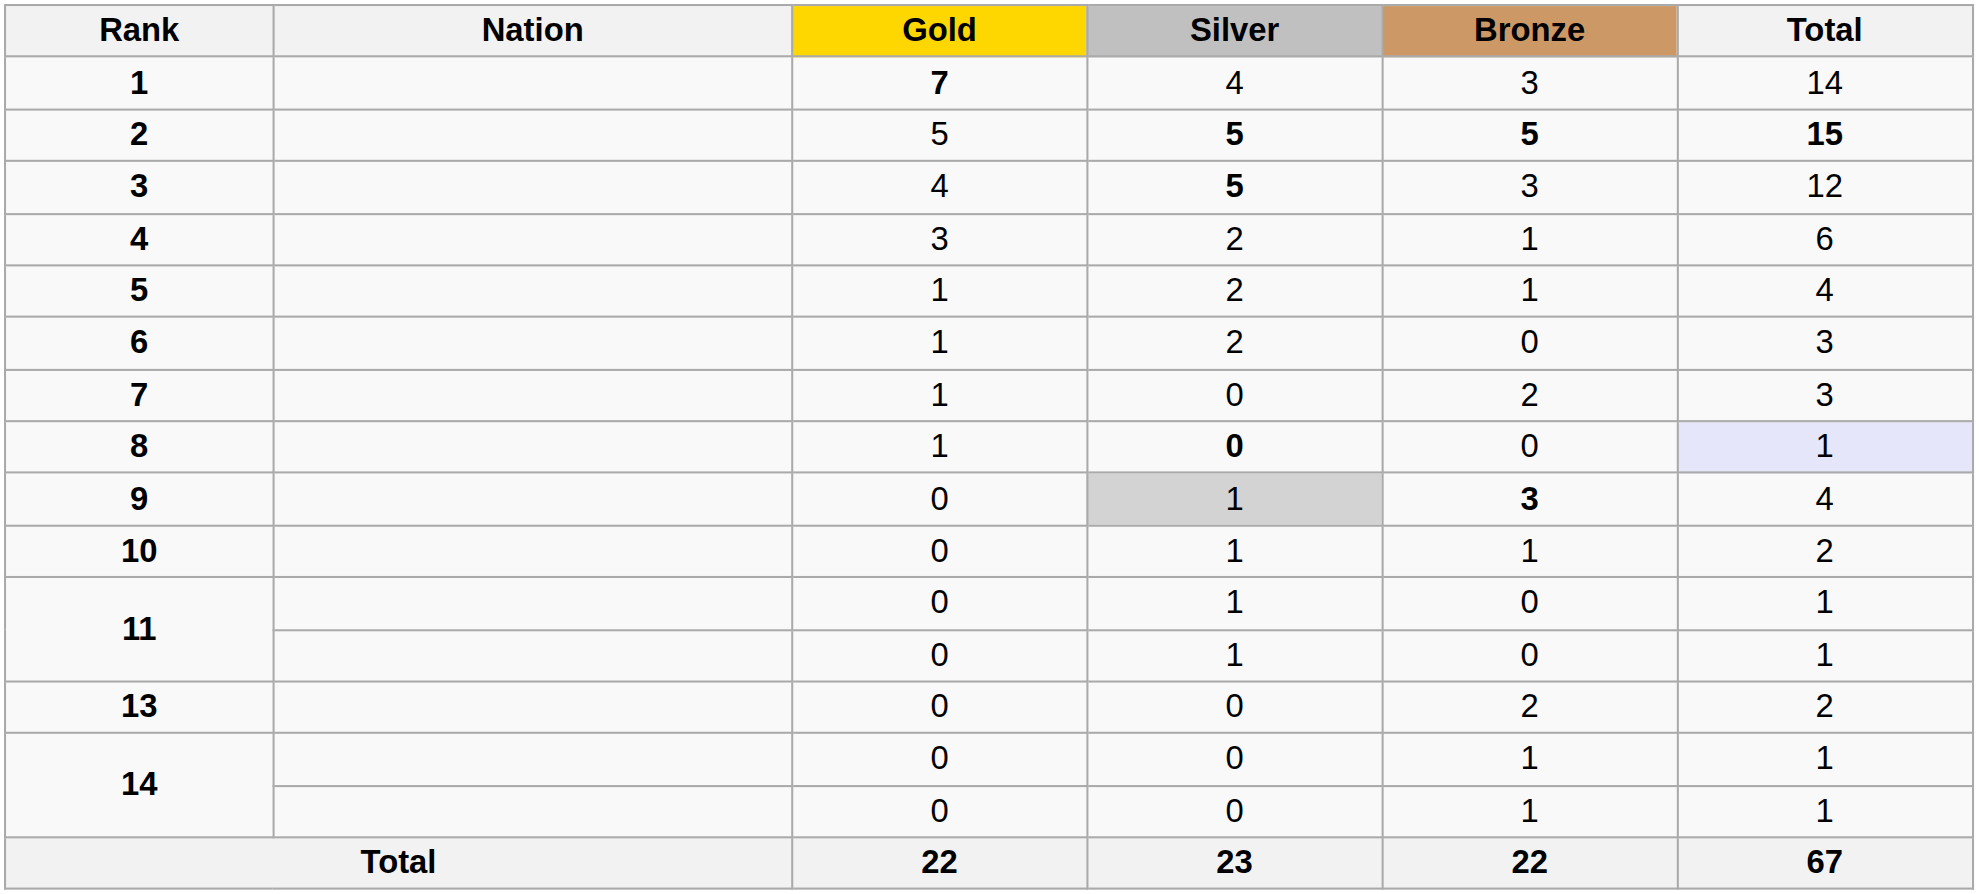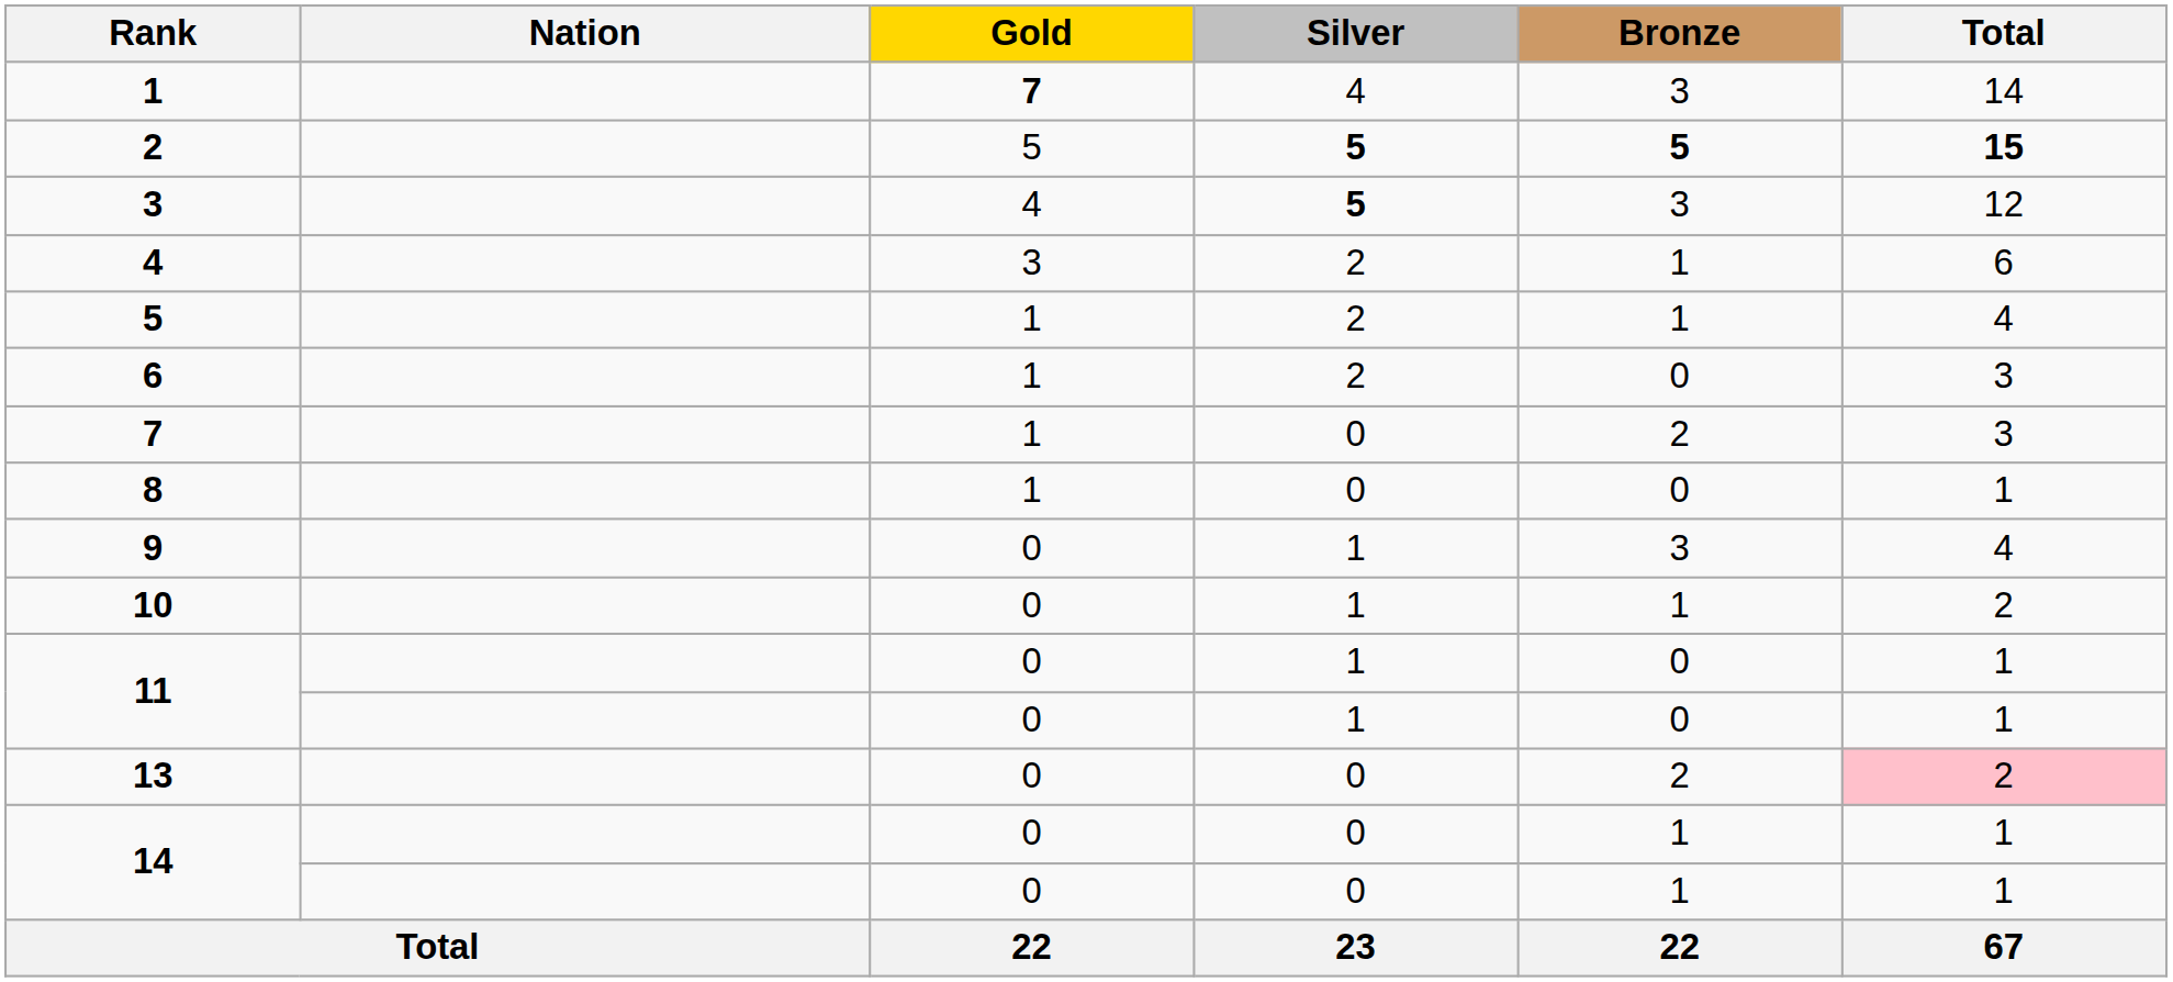 <table class="wikitable collapsible autocollapse plainrowheaders" width=76% style="text-align:center;">
 <tr style="background-color:#EDEDED;">
 <th width=100px class="hintergrundfarbe5">Rank</th>
 <th width=200px class="hintergrundfarbe6">Nation</th>
 <th style="background:    gold; width:15%">Gold</th>
 <th style="background:  silver; width:15%">Silver</th>
 <th style="background: #CC9966; width:15%">Bronze</th>
 <th class="hintergrundfarbe6" style="width:15%">Total</th>
 </tr>
 <tr>
 <td><strong>1</strong></td>
 <td align=left></td>
 <td><strong>7</strong></td>
 <td>4</td>
 <td>3</td>
 <td>14</td>
 </tr>
 <tr>
 <td><strong>2</strong></td>
 <td align=left></td>
 <td>5</td>
 <td><strong>5</strong></td>
 <td><strong>5</strong></td>
 <td><strong>15</strong></td>
 </tr>
 <tr>
 <td><strong>3</strong></td>
 <td align=left></td>
 <td>4</td>
 <td><strong>5</strong></td>
 <td>3</td>
 <td>12</td>
 </tr>
 <tr>
 <td><strong>4</strong></td>
 <td align=left><em></em></td>
 <td>3</td>
 <td>2</td>
 <td>1</td>
 <td>6</td>
 </tr>
 <tr>
 <td><strong>5</strong></td>
 <td align=left></td>
 <td>1</td>
 <td>2</td>
 <td>1</td>
 <td>4</td>
 </tr>
 <tr>
 <td><strong>6</strong></td>
 <td align=left></td>
 <td>1</td>
 <td>2</td>
 <td>0</td>
 <td>3</td>
 </tr>
 <tr>
 <td><strong>7</strong></td>
 <td align=left></td>
 <td>1</td>
 <td>0</td>
 <td>2</td>
 <td>3</td>
 </tr>
 <tr>
 <td><strong>8</strong></td>
 <td align=left></td>
 <td>1</td>
-<td><strong>0</strong></td>
 <td>0</td>
-<td style="background: lavender;">1</td>
+<td>0</td>
+<td>1</td>
 </tr>
 <tr>
 <td><strong>9</strong></td>
 <td align=left></td>
 <td>0</td>
-<td style="background: lightgrey;">1</td>
-<td><strong>3</strong></td>
+<td>1</td>
+<td>3</td>
 <td>4</td>
 </tr>
 <tr>
 <td><strong>10</strong></td>
 <td align=left></td>
 <td>0</td>
 <td>1</td>
 <td>1</td>
 <td>2</td>
 </tr>
 <tr>
 <td rowspan=2><strong>11</strong></td>
 <td align=left></td>
 <td>0</td>
 <td>1</td>
 <td>0</td>
 <td>1</td>
 </tr>
 <tr>
 <td align=left></td>
 <td>0</td>
 <td>1</td>
 <td>0</td>
 <td>1</td>
 </tr>
 <tr>
 <td><strong>13</strong></td>
 <td align=left><em></em></td>
 <td>0</td>
 <td>0</td>
 <td>2</td>
-<td>2</td>
+<td style="background: pink;">2</td>
 </tr>
 <tr>
 <td rowspan=2><strong>14</strong></td>
 <td align=left></td>
 <td>0</td>
 <td>0</td>
 <td>1</td>
 <td>1</td>
 </tr>
 <tr>
 <td align=left><em></em></td>
 <td>0</td>
 <td>0</td>
 <td>1</td>
 <td>1</td>
 </tr>
 <tr>
 <th colspan=2>Total</th>
 <th>22</th>
 <th>23</th>
 <th>22</th>
 <th>67</th>
 </tr>
 </table>
